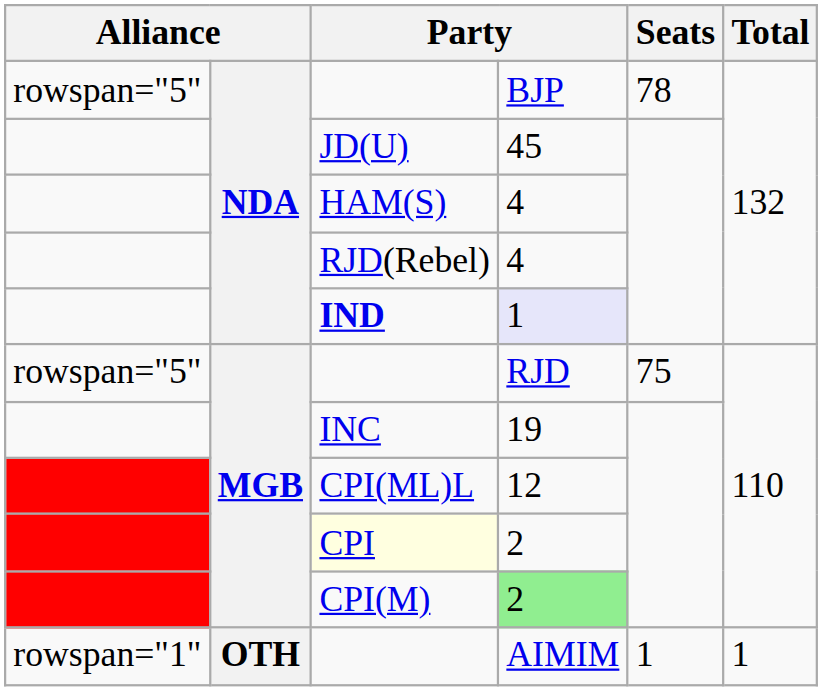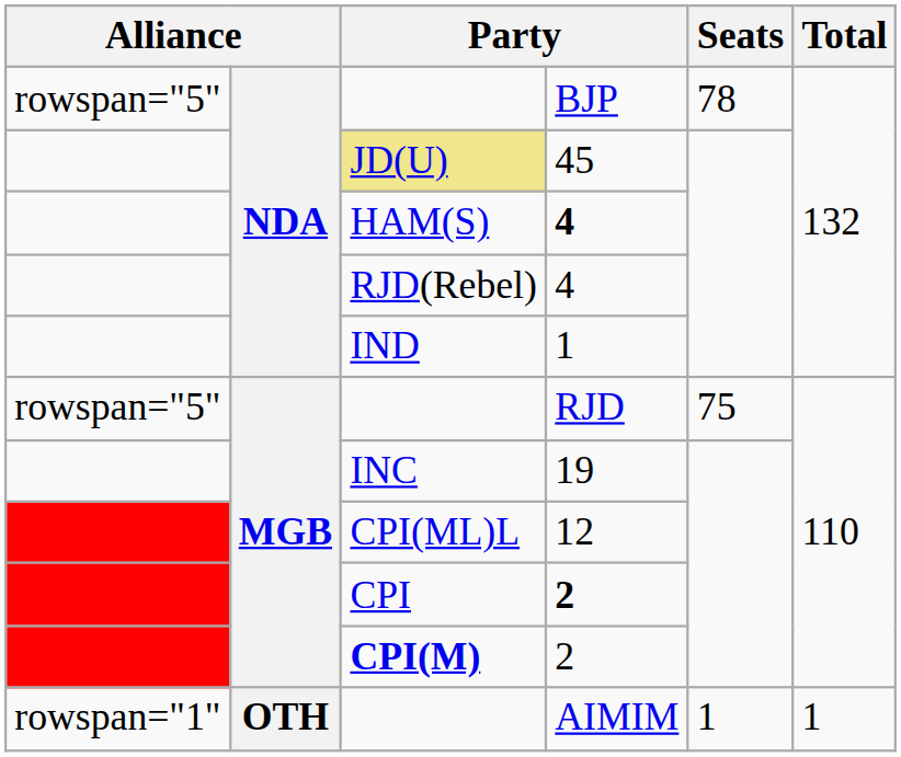 <table class="wikitable">
 <tr>
 <th colspan="2">Alliance</th>
 <th colspan="2">Party</th>
 <th>Seats</th>
 <th>Total</th>
 </tr>
 <tr>
 <td>rowspan="5" </td>
 <th rowspan="5"><a href='#'>NDA</a></th>
 <td></td>
 <td><a href='#'>BJP</a></td>
 <td>78</td>
 <td rowspan="5">132</td>
 </tr>
 <tr>
 <td></td>
-<td><a href='#'>JD(U)</a></td>
+<td style="background: khaki;"><a href='#'>JD(U)</a></td>
 <td>45</td>
 </tr>
 <tr>
 <td></td>
 <td><a href='#'>HAM(S)</a></td>
-<td>4</td>
+<td><strong>4</strong></td>
 </tr>
 <tr>
 <td></td>
 <td><a href='#'>RJD</a>(Rebel)</td>
 <td>4</td>
 </tr>
 <tr>
 <td></td>
-<td><strong><a href='#'>IND</a></strong></td>
-<td style="background: lavender;">1</td>
+<td><a href='#'>IND</a></td>
+<td>1</td>
 </tr>
 <tr>
 <td>rowspan="5" </td>
 <th rowspan="5"><a href='#'>MGB</a></th>
 <td></td>
 <td><a href='#'>RJD</a></td>
 <td>75</td>
 <td rowspan="5">110</td>
 </tr>
 <tr>
 <td></td>
 <td><a href='#'>INC</a></td>
 <td>19</td>
 </tr>
 <tr>
 <td bgcolor="red"></td>
 <td><a href='#'>CPI(ML)L</a></td>
 <td>12</td>
 </tr>
 <tr>
 <td bgcolor="red"></td>
-<td style="background: lightyellow;"><a href='#'>CPI</a></td>
-<td>2</td>
+<td><a href='#'>CPI</a></td>
+<td><strong>2</strong></td>
 </tr>
 <tr>
 <td bgcolor="red"></td>
-<td><a href='#'>CPI(M)</a></td>
-<td style="background: lightgreen;">2</td>
+<td><strong><a href='#'>CPI(M)</a></strong></td>
+<td>2</td>
 </tr>
 <tr>
 <td>rowspan="1" </td>
 <th rowspan="1">OTH</th>
 <td></td>
 <td><a href='#'>AIMIM</a></td>
 <td>1</td>
 <td>1</td>
 </tr>
 </table>
